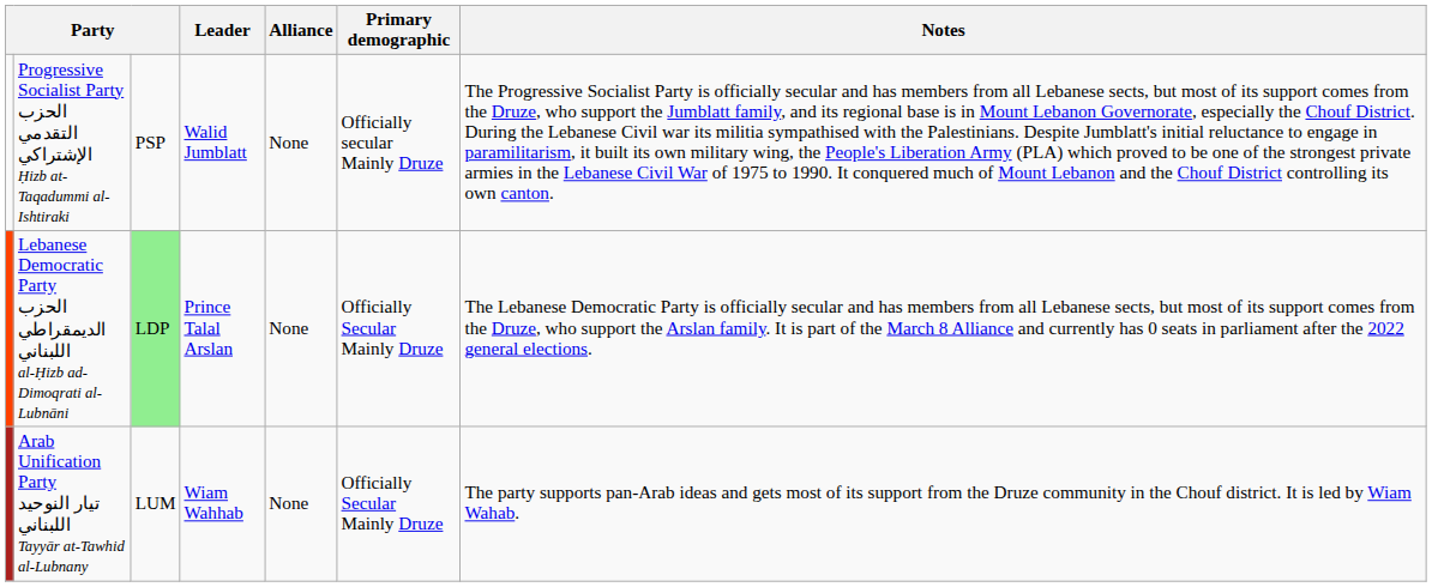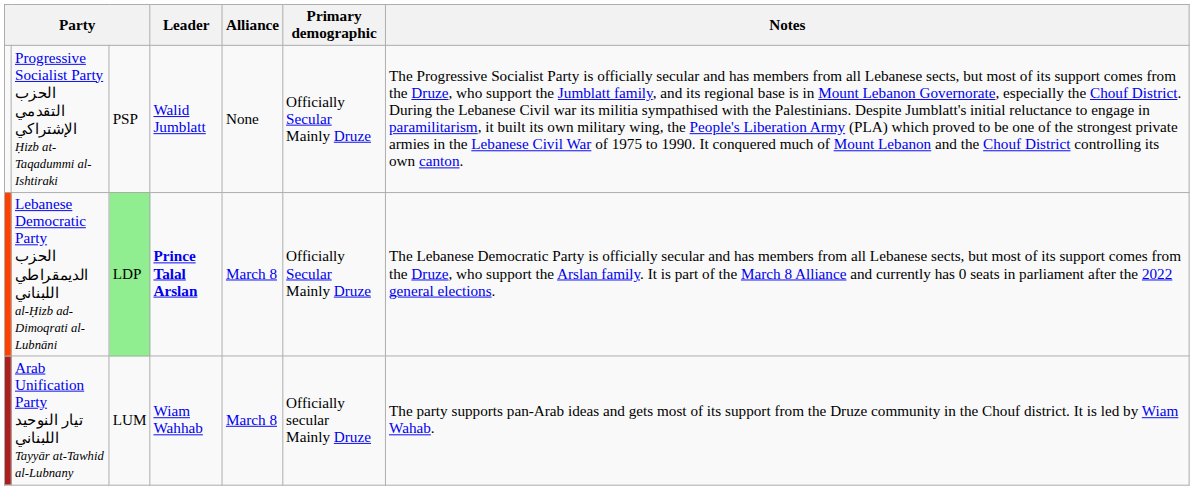 <table class="wikitable sortable">
 <tr>
 <th colspan="3">Party</th>
 <th>Leader</th>
 <th>Alliance</th>
 <th>Primary demographic</th>
 <th>Notes</th>
 </tr>
 <tr>
 <td></td>
 <td><a href='#'>Progressive Socialist Party</a><br><span>الحزب التقدمي الإشتراكي</span><br><small><em>Ḥizb at-Taqadummi al-Ishtiraki</em></small></td>
 <td>PSP</td>
 <td><a href='#'>Walid Jumblatt</a></td>
 <td>None</td>
-<td>Officially secular<br>Mainly <a href='#'>Druze</a></td>
+<td>Officially <a href='#'>Secular</a><br>Mainly <a href='#'>Druze</a></td>
 <td>The Progressive Socialist Party is officially secular and has members from all Lebanese sects, but most of its support comes from the <a href='#'>Druze</a>, who support the <a href='#'>Jumblatt family</a>, and its regional base is in <a href='#'>Mount Lebanon Governorate</a>, especially the <a href='#'>Chouf District</a>. During the Lebanese Civil war its militia sympathised with the Palestinians. Despite Jumblatt's initial reluctance to engage in <a href='#'>paramilitarism</a>, it built its own military wing, the <a href='#'>People's Liberation Army</a> (PLA) which proved to be one of the strongest private armies in the <a href='#'>Lebanese Civil War</a> of 1975 to 1990. It conquered much of <a href='#'>Mount Lebanon</a> and the <a href='#'>Chouf District</a> controlling its own <a href='#'>canton</a>.</td>
 </tr>
 <tr>
 <td style="background:#ff4100;"></td>
 <td><a href='#'>Lebanese Democratic Party</a><br><span>الحزب الديمقراطي اللبناني</span><br><small><em>al-Ḥizb ad-Dimoqrati al-Lubnāni</em></small></td>
 <td style="background: lightgreen;">LDP</td>
-<td><a href='#'>Prince Talal Arslan</a></td>
-<td>None</td>
+<td><strong><a href='#'>Prince Talal Arslan</a></strong></td>
+<td><a href='#'>March 8</a></td>
 <td>Officially <a href='#'>Secular</a><br>Mainly <a href='#'>Druze</a></td>
 <td>The Lebanese Democratic Party is officially secular and has members from all Lebanese sects, but most of its support comes from the <a href='#'>Druze</a>, who support the <a href='#'>Arslan family</a>. It is part of the <a href='#'>March 8 Alliance</a> and currently has 0 seats in parliament after the <a href='#'>2022 general elections</a>.</td>
 </tr>
 <tr>
 <td style="background:#aa201e;"></td>
 <td><a href='#'>Arab Unification Party</a><br><span>تيار النوحيد اللبناني</span><br><small><em>Tayyār at-Tawhid al-Lubnany</em></small></td>
 <td>LUM</td>
 <td><a href='#'>Wiam Wahhab</a></td>
-<td>None</td>
-<td>Officially <a href='#'>Secular</a><br>Mainly <a href='#'>Druze</a></td>
+<td><a href='#'>March 8</a></td>
+<td>Officially secular<br>Mainly <a href='#'>Druze</a></td>
 <td>The party supports pan-Arab ideas and gets most of its support from the Druze community in the Chouf district. It is led by <a href='#'>Wiam Wahab</a>.</td>
 </tr>
 </table>
